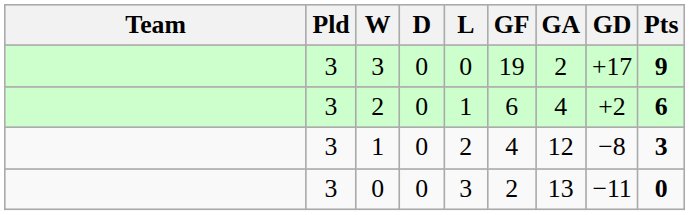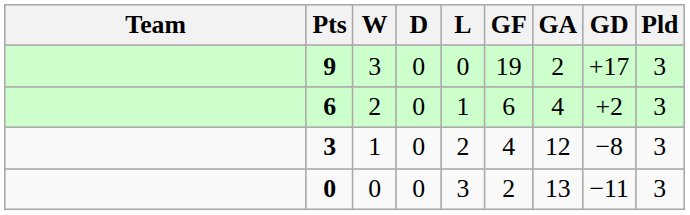 <table class="wikitable" style="text-align:center;">
 <tr>
 <th width=180>Team</th>
-<th width=20>Pld</th>
+<th width=20>Pts</th>
 <th width=20>W</th>
 <th width=20>D</th>
 <th width=20>L</th>
 <th width=20>GF</th>
 <th width=20>GA</th>
 <th width=20>GD</th>
-<th width=20>Pts</th>
+<th width=20>Pld</th>
 </tr>
 <tr bgcolor="ccffcc">
 <td align="left"></td>
-<td>3</td>
+<td><strong>9</strong></td>
 <td>3</td>
 <td>0</td>
 <td>0</td>
 <td>19</td>
 <td>2</td>
 <td>+17</td>
-<td><strong>9</strong></td>
+<td>3</td>
 </tr>
 <tr bgcolor="ccffcc">
 <td align="left"></td>
-<td>3</td>
+<td><strong>6</strong></td>
 <td>2</td>
 <td>0</td>
 <td>1</td>
 <td>6</td>
 <td>4</td>
 <td>+2</td>
-<td><strong>6</strong></td>
+<td>3</td>
 </tr>
 <tr>
 <td align="left"></td>
-<td>3</td>
+<td><strong>3</strong></td>
 <td>1</td>
 <td>0</td>
 <td>2</td>
 <td>4</td>
 <td>12</td>
 <td>−8</td>
-<td><strong>3</strong></td>
+<td>3</td>
 </tr>
 <tr>
 <td align="left"></td>
-<td>3</td>
+<td><strong>0</strong></td>
 <td>0</td>
 <td>0</td>
 <td>3</td>
 <td>2</td>
 <td>13</td>
 <td>−11</td>
-<td><strong>0</strong></td>
+<td>3</td>
 </tr>
 </table>
